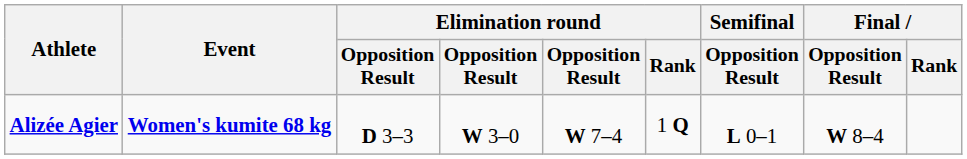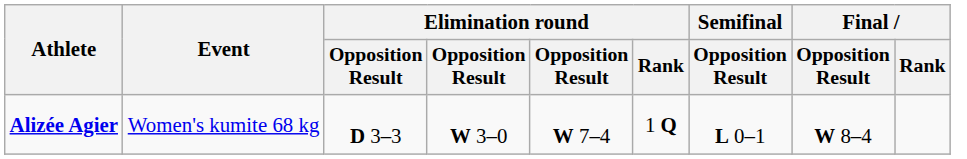 <table class=wikitable style=font-size:90%;text-align:center>
 <tr>
 <th rowspan=2>Athlete</th>
 <th rowspan=2>Event</th>
 <th colspan=4>Elimination round</th>
 <th>Semifinal</th>
 <th colspan=2>Final / </th>
 </tr>
 <tr style=font-size:95%>
 <th>Opposition<br>Result</th>
 <th>Opposition<br>Result</th>
 <th>Opposition<br>Result</th>
 <th>Rank</th>
 <th>Opposition<br>Result</th>
 <th>Opposition<br>Result</th>
 <th>Rank</th>
 </tr>
 <tr>
 <td align=left><strong><a href='#'>Alizée Agier</a></strong></td>
-<td align=left><strong><a href='#'>Women's kumite 68 kg</a></strong></td>
+<td align=left><a href='#'>Women's kumite 68 kg</a></td>
 <td><br><strong>D</strong> 3–3</td>
 <td><br><strong>W</strong> 3–0</td>
 <td><br><strong>W</strong> 7–4</td>
 <td>1 <strong>Q</strong></td>
 <td><br><strong>L</strong> 0–1</td>
 <td><br><strong>W</strong> 8–4</td>
 <td></td>
 </tr>
 </table>
